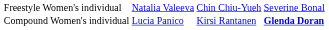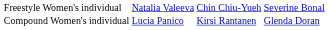 <table>
 <tr>
 <td>Freestyle Women's individual<br></td>
 <td> <a href='#'>Natalia Valeeva</a></td>
 <td> <a href='#'>Chin Chiu-Yueh</a></td>
 <td> <a href='#'>Severine Bonal</a></td>
 </tr>
 <tr>
 <td>Compound Women's individual<br></td>
 <td> <a href='#'>Lucia Panico</a></td>
 <td> <a href='#'>Kirsi Rantanen</a></td>
-<td><strong> <a href='#'>Glenda Doran</a></strong></td>
+<td> <a href='#'>Glenda Doran</a></td>
 </tr>
 </table>
